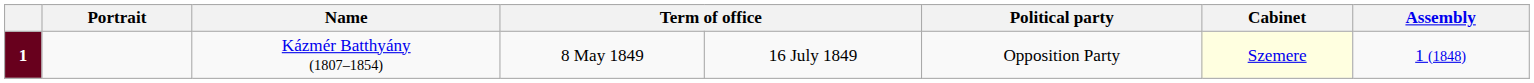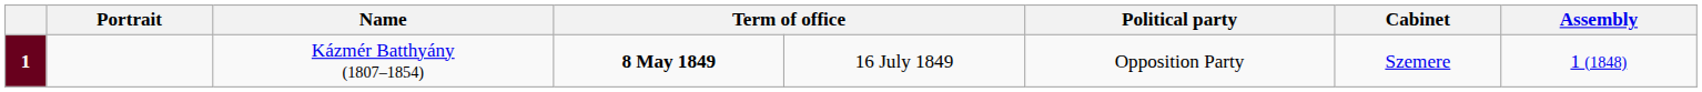 <table class="wikitable" style="width:90%; text-align:center;">
 <tr>
 <th></th>
 <th>Portrait</th>
 <th>Name<br></th>
 <th colspan=2>Term of office</th>
 <th>Political party</th>
 <th>Cabinet</th>
 <th><a href='#'>Assembly</a><br></th>
 </tr>
 <tr>
 <th style="background-color:#68001D; color:white">1</th>
 <td></td>
 <td><a href='#'>Kázmér Batthyány</a><br><small>(1807–1854)</small></td>
-<td>8 May 1849</td>
+<td><strong>8 May 1849</strong></td>
 <td>16 July 1849</td>
 <td>Opposition Party</td>
-<td style="background: lightyellow;"><a href='#'>Szemere</a></td>
+<td><a href='#'>Szemere</a></td>
 <td><a href='#'>1 <small>(1848)</small></a></td>
 </tr>
 </table>
